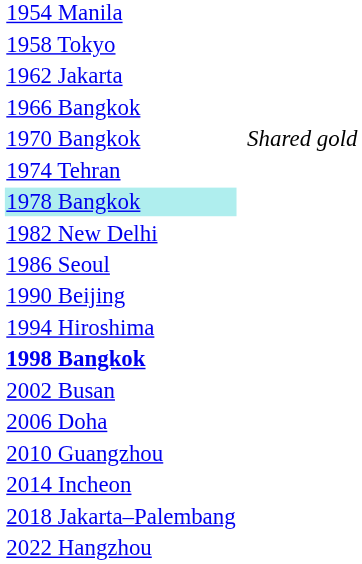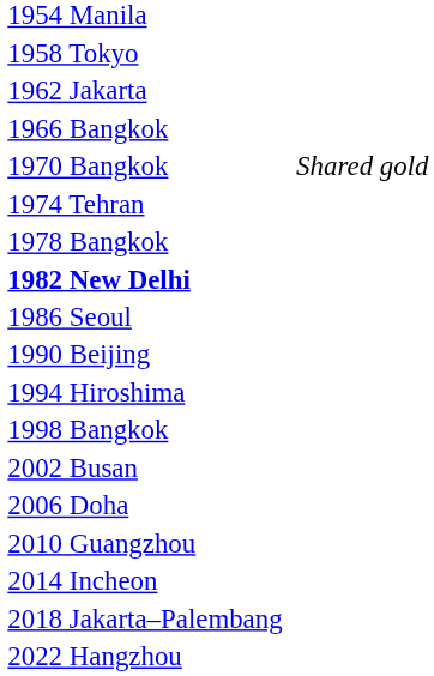 <table>
 <tr>
 <td><a href='#'>1954 Manila</a></td>
 <td></td>
 <td></td>
 <td></td>
 </tr>
 <tr>
 <td><a href='#'>1958 Tokyo</a></td>
 <td></td>
 <td></td>
 <td></td>
 </tr>
 <tr>
 <td><a href='#'>1962 Jakarta</a></td>
 <td></td>
 <td></td>
 <td></td>
 </tr>
 <tr>
 <td><a href='#'>1966 Bangkok</a></td>
 <td></td>
 <td></td>
 <td></td>
 </tr>
 <tr>
 <td rowspan=2><a href='#'>1970 Bangkok</a></td>
 <td></td>
 <td rowspan=2><em>Shared gold</em></td>
 <td rowspan=2></td>
 </tr>
 <tr>
 <td></td>
 </tr>
 <tr>
 <td><a href='#'>1974 Tehran</a></td>
 <td></td>
 <td></td>
 <td></td>
 </tr>
 <tr>
-<td style="background: paleturquoise;"><a href='#'>1978 Bangkok</a></td>
+<td><a href='#'>1978 Bangkok</a></td>
 <td></td>
 <td></td>
 <td></td>
 </tr>
 <tr>
-<td><a href='#'>1982 New Delhi</a></td>
+<td><strong><a href='#'>1982 New Delhi</a></strong></td>
 <td></td>
 <td></td>
 <td></td>
 </tr>
 <tr>
 <td><a href='#'>1986 Seoul</a></td>
 <td></td>
 <td></td>
 <td></td>
 </tr>
 <tr>
 <td><a href='#'>1990 Beijing</a></td>
 <td></td>
 <td></td>
 <td></td>
 </tr>
 <tr>
 <td><a href='#'>1994 Hiroshima</a></td>
 <td></td>
 <td></td>
 <td></td>
 </tr>
 <tr>
-<td><strong><a href='#'>1998 Bangkok</a></strong></td>
+<td><a href='#'>1998 Bangkok</a></td>
 <td></td>
 <td></td>
 <td></td>
 </tr>
 <tr>
 <td><a href='#'>2002 Busan</a></td>
 <td></td>
 <td></td>
 <td></td>
 </tr>
 <tr>
 <td rowspan=2><a href='#'>2006 Doha</a></td>
 <td rowspan=2></td>
 <td rowspan=2></td>
 <td></td>
 </tr>
 <tr>
 <td></td>
 </tr>
 <tr>
 <td rowspan=2><a href='#'>2010 Guangzhou</a></td>
 <td rowspan=2></td>
 <td rowspan=2></td>
 <td></td>
 </tr>
 <tr>
 <td></td>
 </tr>
 <tr>
 <td rowspan=2><a href='#'>2014 Incheon</a></td>
 <td rowspan=2></td>
 <td rowspan=2></td>
 <td></td>
 </tr>
 <tr>
 <td></td>
 </tr>
 <tr>
 <td rowspan=2><a href='#'>2018 Jakarta–Palembang</a></td>
 <td rowspan=2></td>
 <td rowspan=2></td>
 <td></td>
 </tr>
 <tr>
 <td></td>
 </tr>
 <tr>
 <td rowspan=2><a href='#'>2022 Hangzhou</a></td>
 <td rowspan=2></td>
 <td rowspan=2></td>
 <td></td>
 </tr>
 <tr>
 <td></td>
 </tr>
 </table>
